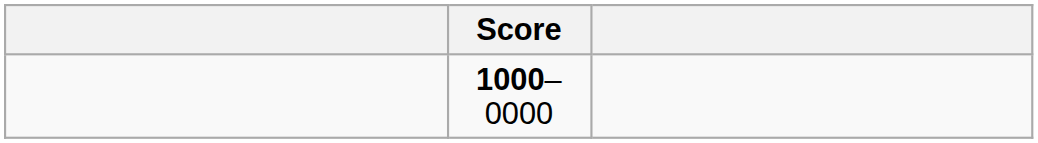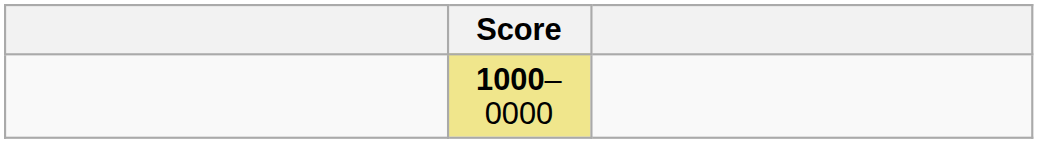 <table class="wikitable" style="text-align: center; font-size:90% ">
 <tr>
 <th align="right" width="200"></th>
 <th width="60">Score</th>
 <th align="left" width="200"></th>
 </tr>
 <tr>
 <td align="left"><strong></strong></td>
-<td><strong>1000</strong>–0000</td>
+<td style="background: khaki;"><strong>1000</strong>–0000</td>
 <td align="left"></td>
 </tr>
 </table>
